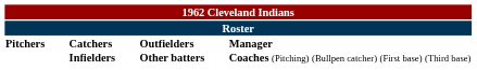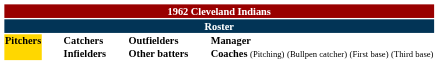 <table class="toccolours" style="font-size: 95%;">
 <tr>
 <th colspan="10" style="background-color: #990000; color: white; text-align: center;">1962 Cleveland Indians</th>
 </tr>
 <tr>
 <td colspan="10" style="background-color: #023456; color: white; text-align: center;"><strong>Roster</strong></td>
 </tr>
 <tr>
-<td valign="top"><strong>Pitchers</strong><br>                 </td>
+<td valign="top" style="background: gold;"><strong>Pitchers</strong><br>                 </td>
 <td width="25px"></td>
 <td valign="top"><strong>Catchers</strong><br>  <strong>Infielders</strong>          </td>
 <td width="25px"></td>
 <td valign="top"><strong>Outfielders</strong><br>         <strong>Other batters</strong>  </td>
 <td width="25px"></td>
 <td valign="top"><strong>Manager</strong><br>  <strong>Coaches</strong>  <small>(Pitching)</small>  <small>(Bullpen catcher)</small>  <small>(First base)</small>  <small>(Third base)</small></td>
 </tr>
 </table>
